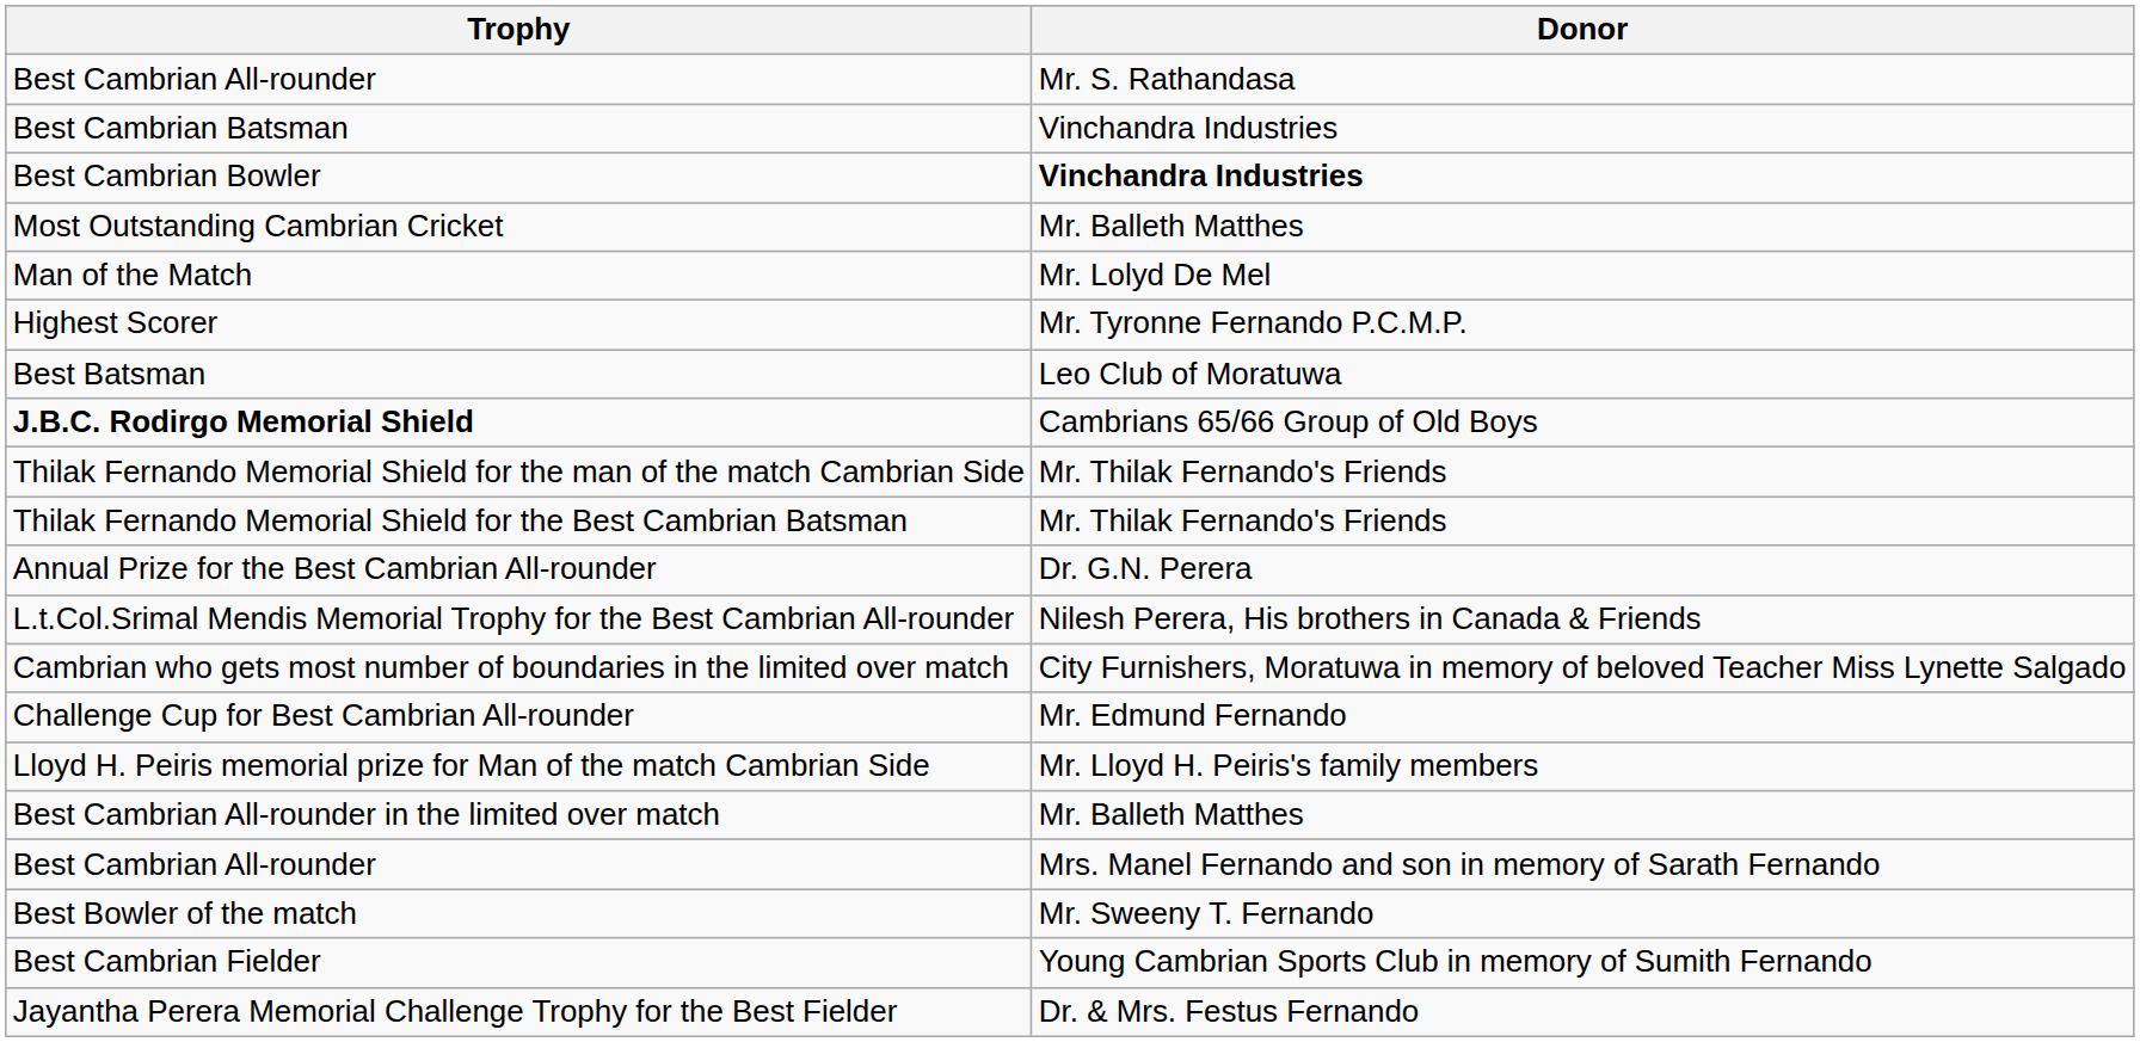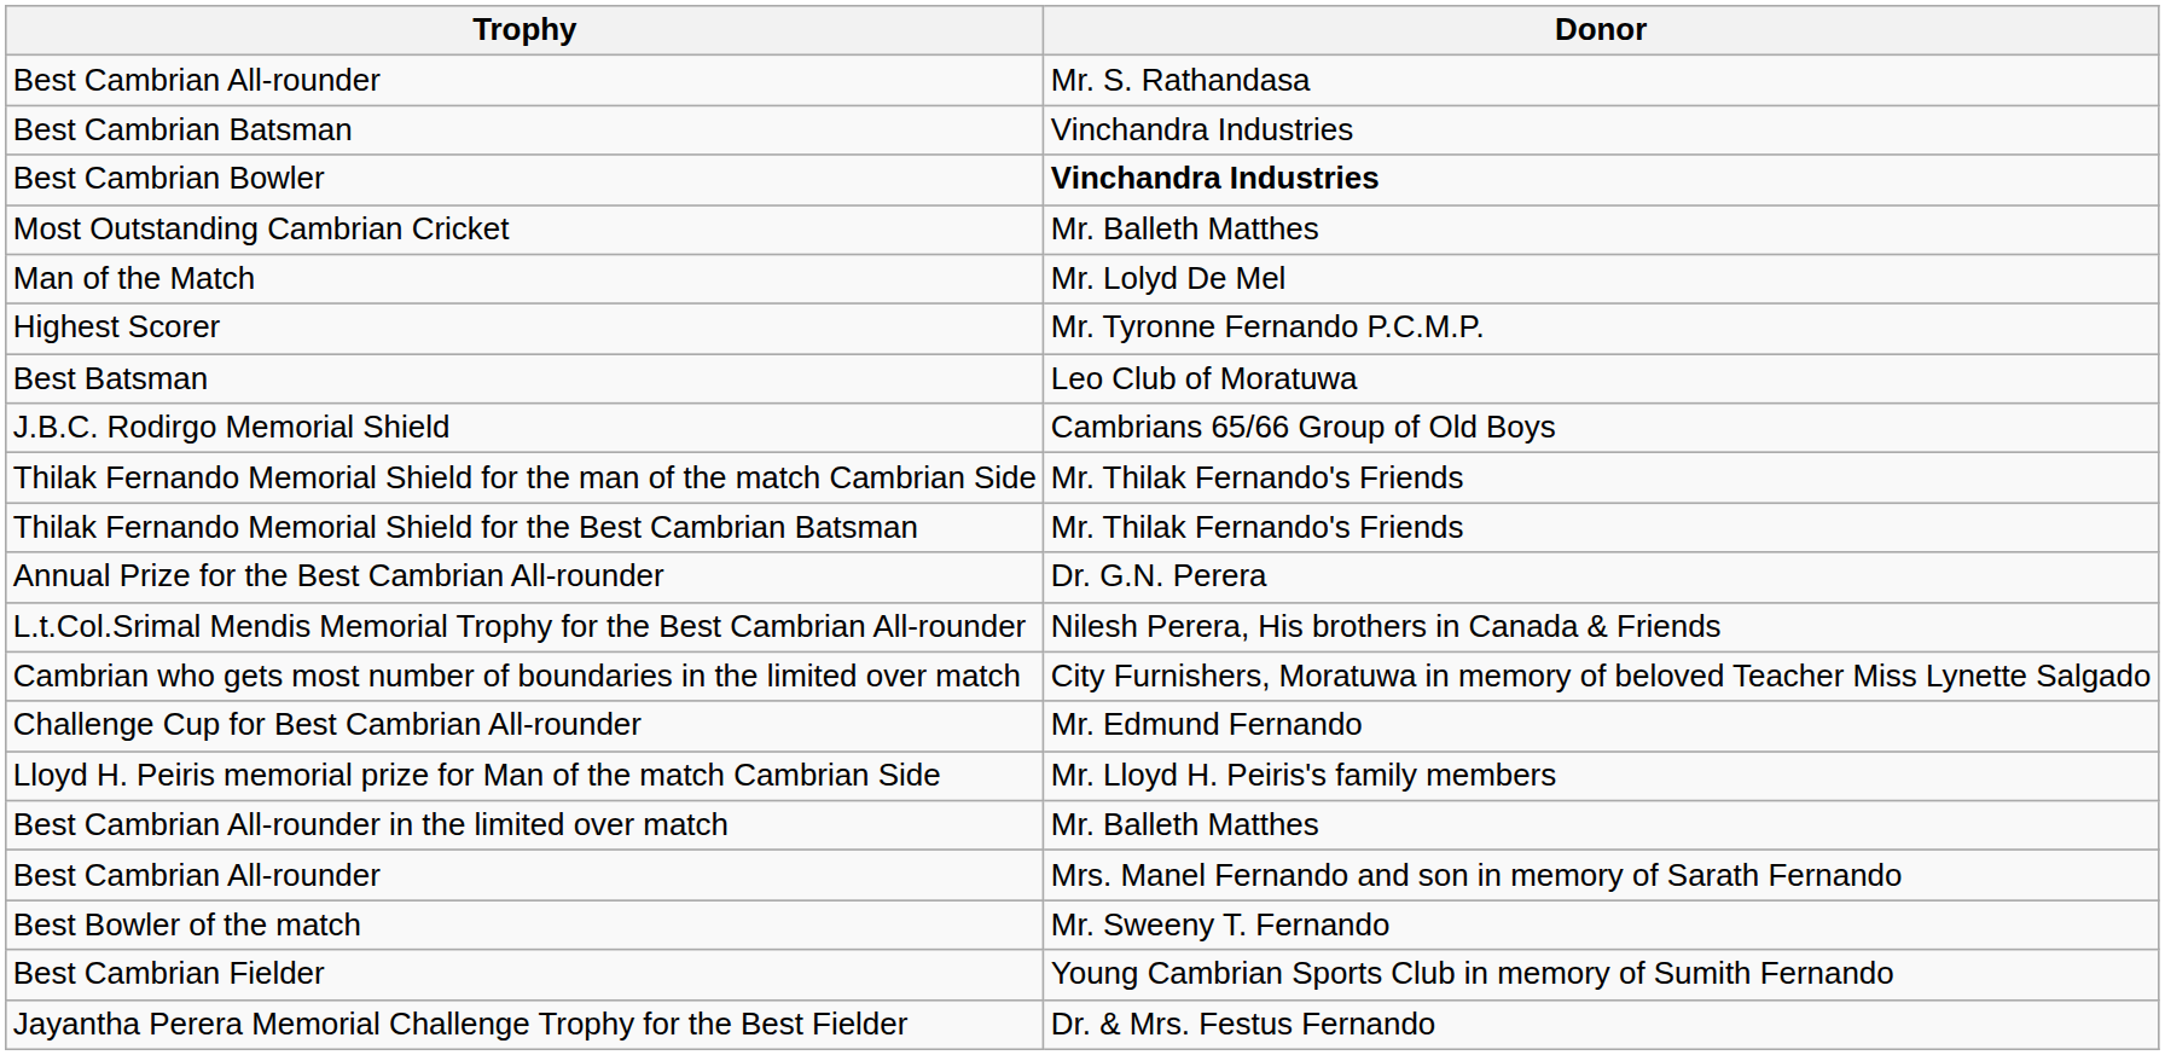 <table class="wikitable collapsible">
 <tr>
 <th>Trophy</th>
 <th>Donor</th>
 </tr>
 <tr>
 <td>Best Cambrian All-rounder</td>
 <td>Mr. S. Rathandasa</td>
 </tr>
 <tr>
 <td>Best Cambrian Batsman</td>
 <td>Vinchandra Industries</td>
 </tr>
 <tr>
 <td>Best Cambrian Bowler</td>
 <td><strong>Vinchandra Industries</strong></td>
 </tr>
 <tr>
 <td>Most Outstanding Cambrian Cricket</td>
 <td>Mr. Balleth Matthes</td>
 </tr>
 <tr>
 <td>Man of the Match</td>
 <td>Mr. Lolyd De Mel</td>
 </tr>
 <tr>
 <td>Highest Scorer</td>
 <td>Mr. Tyronne Fernando P.C.M.P.</td>
 </tr>
 <tr>
 <td>Best Batsman</td>
 <td>Leo Club of Moratuwa</td>
 </tr>
 <tr>
-<td><strong>J.B.C. Rodirgo Memorial Shield</strong></td>
+<td>J.B.C. Rodirgo Memorial Shield</td>
 <td>Cambrians 65/66 Group of Old Boys</td>
 </tr>
 <tr>
 <td>Thilak Fernando Memorial Shield for the man of the match Cambrian Side</td>
 <td>Mr. Thilak Fernando's Friends</td>
 </tr>
 <tr>
 <td>Thilak Fernando Memorial Shield for the Best Cambrian Batsman</td>
 <td>Mr. Thilak Fernando's Friends</td>
 </tr>
 <tr>
 <td>Annual Prize for the Best Cambrian All-rounder</td>
 <td>Dr. G.N. Perera</td>
 </tr>
 <tr>
 <td>L.t.Col.Srimal Mendis Memorial Trophy for the Best Cambrian All-rounder</td>
 <td>Nilesh Perera, His brothers in Canada & Friends</td>
 </tr>
 <tr>
 <td>Cambrian who gets most number of boundaries in the limited over match</td>
 <td>City Furnishers, Moratuwa in memory of beloved Teacher Miss Lynette Salgado</td>
 </tr>
 <tr>
 <td>Challenge Cup for Best Cambrian All-rounder</td>
 <td>Mr. Edmund Fernando</td>
 </tr>
 <tr>
 <td>Lloyd H. Peiris memorial prize for Man of the match Cambrian Side</td>
 <td>Mr. Lloyd H. Peiris's family members</td>
 </tr>
 <tr>
 <td>Best Cambrian All-rounder in the limited over match</td>
 <td>Mr. Balleth Matthes</td>
 </tr>
 <tr>
 <td>Best Cambrian All-rounder</td>
 <td>Mrs. Manel Fernando and son in memory of Sarath Fernando</td>
 </tr>
 <tr>
 <td>Best Bowler of the match</td>
 <td>Mr. Sweeny T. Fernando</td>
 </tr>
 <tr>
 <td>Best Cambrian Fielder</td>
 <td>Young Cambrian Sports Club in memory of Sumith Fernando</td>
 </tr>
 <tr>
 <td>Jayantha Perera Memorial Challenge Trophy for the Best Fielder</td>
 <td>Dr. & Mrs. Festus Fernando</td>
 </tr>
 </table>
